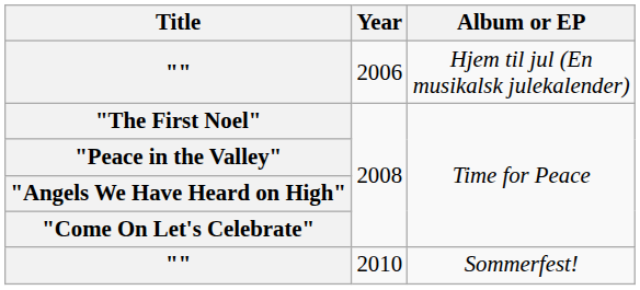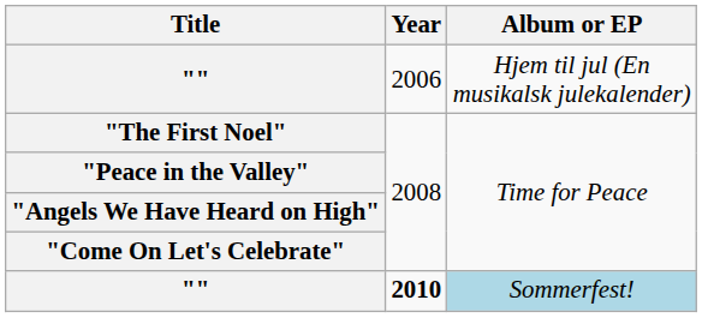 <table class="wikitable plainrowheaders" style="text-align:center;">
 <tr>
 <th scope="col">Title</th>
 <th scope="col">Year</th>
 <th scope="col">Album or EP</th>
 </tr>
 <tr>
 <th scope="row">""</th>
 <td>2006</td>
 <td><em>Hjem til jul (En<br>musikalsk julekalender)</em></td>
 </tr>
 <tr>
 <th scope="row">"The First Noel"</th>
 <td rowspan="4">2008</td>
 <td rowspan="4"><em>Time for Peace</em></td>
 </tr>
 <tr>
 <th scope="row">"Peace in the Valley"</th>
 </tr>
 <tr>
 <th scope="row">"Angels We Have Heard on High"</th>
 </tr>
 <tr>
 <th scope="row">"Come On Let's Celebrate"<br></th>
 </tr>
 <tr>
 <th scope="row">""</th>
-<td>2010</td>
-<td><em>Sommerfest!</em></td>
+<td><strong>2010</strong></td>
+<td style="background: lightblue;"><em>Sommerfest!</em></td>
 </tr>
 </table>
